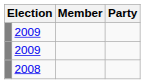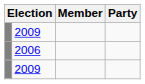 <table class="wikitable">
 <tr>
 <th colspan="2">Election</th>
 <th>Member</th>
 <th>Party</th>
 </tr>
 <tr>
 <td style="background-color: grey"></td>
 <td><a href='#'>2009</a></td>
 <td></td>
 <td></td>
 </tr>
 <tr>
 <td style="background-color: grey"></td>
-<td><a href='#'>2009</a></td>
+<td><a href='#'>2006</a></td>
 <td></td>
 <td></td>
 </tr>
 <tr>
 <td style="background-color: grey"></td>
-<td><a href='#'>2008</a></td>
+<td><a href='#'>2009</a></td>
 <td></td>
 <td></td>
 </tr>
 </table>
